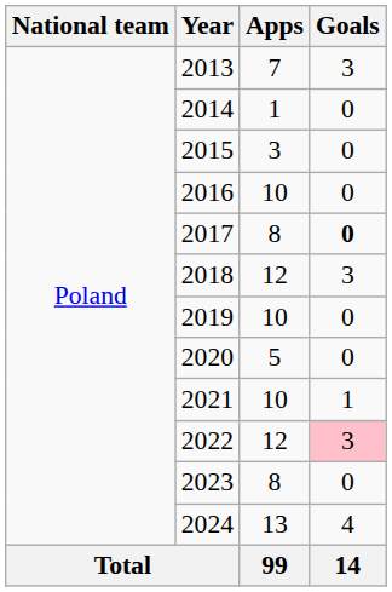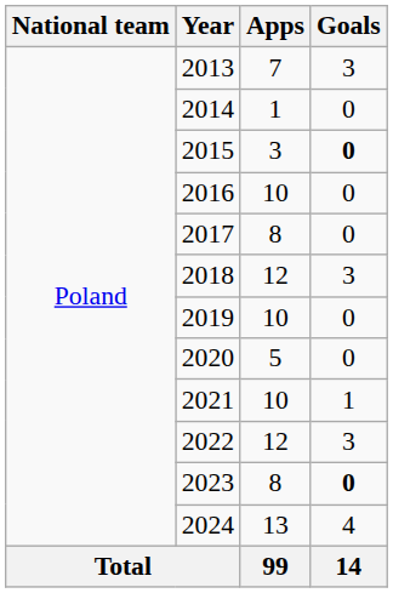 <table class="wikitable" style="text-align:center">
 <tr>
 <th>National team</th>
 <th>Year</th>
 <th>Apps</th>
 <th>Goals</th>
 </tr>
 <tr>
 <td rowspan="12"><a href='#'>Poland</a></td>
 <td>2013</td>
 <td>7</td>
 <td>3</td>
 </tr>
 <tr>
 <td>2014</td>
 <td>1</td>
 <td>0</td>
 </tr>
 <tr>
 <td>2015</td>
 <td>3</td>
-<td>0</td>
+<td><strong>0</strong></td>
 </tr>
 <tr>
 <td>2016</td>
 <td>10</td>
 <td>0</td>
 </tr>
 <tr>
 <td>2017</td>
 <td>8</td>
-<td><strong>0</strong></td>
+<td>0</td>
 </tr>
 <tr>
 <td>2018</td>
 <td>12</td>
 <td>3</td>
 </tr>
 <tr>
 <td>2019</td>
 <td>10</td>
 <td>0</td>
 </tr>
 <tr>
 <td>2020</td>
 <td>5</td>
 <td>0</td>
 </tr>
 <tr>
 <td>2021</td>
 <td>10</td>
 <td>1</td>
 </tr>
 <tr>
 <td>2022</td>
 <td>12</td>
-<td style="background: pink;">3</td>
+<td>3</td>
 </tr>
 <tr>
 <td>2023</td>
 <td>8</td>
-<td>0</td>
+<td><strong>0</strong></td>
 </tr>
 <tr>
 <td>2024</td>
 <td>13</td>
 <td>4</td>
 </tr>
 <tr>
 <th colspan="2">Total</th>
 <th>99</th>
 <th>14</th>
 </tr>
 </table>
